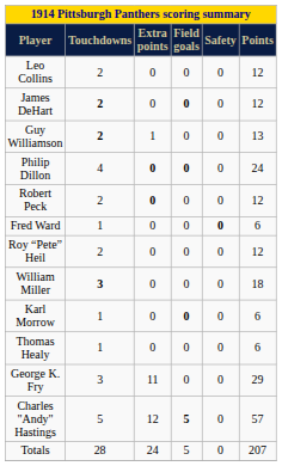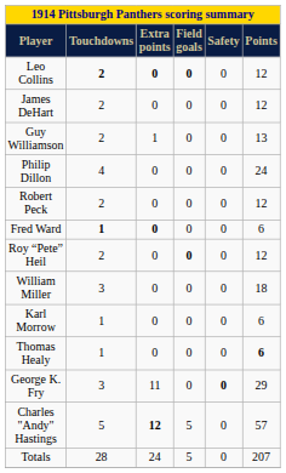 <table class="wikitable" width="35%">
 <tr>
 <th colspan="10" style="background:gold; color:darkblue; text-align: center;"><strong>1914 Pittsburgh Panthers scoring summary</strong></th>
 </tr>
 <tr align="center"  style="background:#091C44;color:#CEC499;">
 <td><strong>Player</strong></td>
 <td><strong>Touchdowns</strong></td>
 <td><strong>Extra points</strong></td>
 <td><strong>Field goals</strong></td>
 <td><strong>Safety</strong></td>
 <td><strong>Points</strong></td>
 </tr>
 <tr align="center" bgcolor="">
 <td>Leo Collins</td>
+<td><strong>2</strong></td>
+<td><strong>0</strong></td>
+<td><strong>0</strong></td>
+<td>0</td>
+<td>12</td>
+</tr>
+<tr align="center" bgcolor="">
+<td>James DeHart</td>
 <td>2</td>
 <td>0</td>
 <td>0</td>
 <td>0</td>
 <td>12</td>
 </tr>
 <tr align="center" bgcolor="">
-<td>James DeHart</td>
-<td><strong>2</strong></td>
-<td>0</td>
-<td><strong>0</strong></td>
-<td>0</td>
-<td>12</td>
-</tr>
-<tr align="center" bgcolor="">
 <td>Guy Williamson</td>
-<td><strong>2</strong></td>
+<td>2</td>
 <td>1</td>
 <td>0</td>
 <td>0</td>
 <td>13</td>
 </tr>
 <tr align="center" bgcolor="">
 <td>Philip Dillon</td>
 <td>4</td>
-<td><strong>0</strong></td>
-<td><strong>0</strong></td>
+<td>0</td>
+<td>0</td>
 <td>0</td>
 <td>24</td>
 </tr>
 <tr align="center" bgcolor="">
 <td>Robert Peck</td>
-<td>2</td>
-<td><strong>0</strong></td>
-<td>0</td>
-<td>0</td>
-<td>12</td>
-</tr>
-<tr align="center" bgcolor="">
-<td>Fred Ward</td>
-<td>1</td>
-<td>0</td>
-<td>0</td>
-<td><strong>0</strong></td>
-<td>6</td>
-</tr>
-<tr align="center" bgcolor="">
-<td>Roy “Pete” Heil</td>
 <td>2</td>
 <td>0</td>
 <td>0</td>
 <td>0</td>
 <td>12</td>
 </tr>
 <tr align="center" bgcolor="">
+<td>Fred Ward</td>
+<td><strong>1</strong></td>
+<td><strong>0</strong></td>
+<td>0</td>
+<td>0</td>
+<td>6</td>
+</tr>
+<tr align="center" bgcolor="">
+<td>Roy “Pete” Heil</td>
+<td>2</td>
+<td>0</td>
+<td><strong>0</strong></td>
+<td>0</td>
+<td>12</td>
+</tr>
+<tr align="center" bgcolor="">
 <td>William Miller</td>
-<td><strong>3</strong></td>
+<td>3</td>
 <td>0</td>
 <td>0</td>
 <td>0</td>
 <td>18</td>
 </tr>
 <tr align="center" bgcolor="">
 <td>Karl Morrow</td>
 <td>1</td>
 <td>0</td>
-<td><strong>0</strong></td>
+<td>0</td>
 <td>0</td>
 <td>6</td>
 </tr>
 <tr align="center" bgcolor="">
 <td>Thomas Healy</td>
 <td>1</td>
 <td>0</td>
 <td>0</td>
 <td>0</td>
-<td>6</td>
+<td><strong>6</strong></td>
 </tr>
 <tr align="center" bgcolor="">
 <td>George K. Fry</td>
 <td>3</td>
 <td>11</td>
 <td>0</td>
-<td>0</td>
+<td><strong>0</strong></td>
 <td>29</td>
 </tr>
 <tr align="center" bgcolor="">
 <td>Charles "Andy" Hastings</td>
 <td>5</td>
-<td>12</td>
-<td><strong>5</strong></td>
+<td><strong>12</strong></td>
+<td>5</td>
 <td>0</td>
 <td>57</td>
 </tr>
 <tr align="center" bgcolor="">
 <td>Totals</td>
 <td>28</td>
 <td>24</td>
 <td>5</td>
 <td>0</td>
 <td>207</td>
 </tr>
 <tr align="center" bgcolor="">
 </tr>
 </table>
